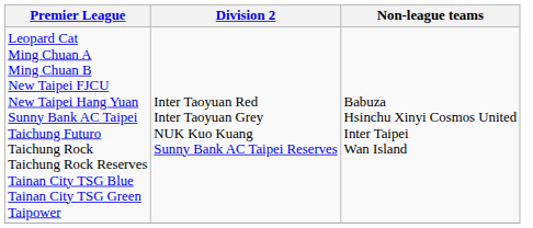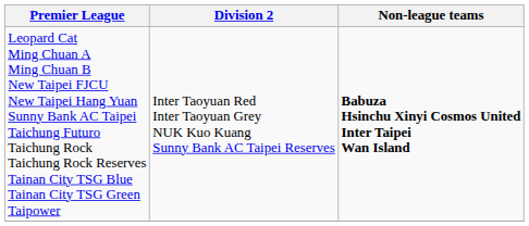 <table class="wikitable sortable">
 <tr>
 <th><a href='#'>Premier League</a></th>
 <th><a href='#'>Division 2</a></th>
 <th>Non-league teams</th>
 </tr>
 <tr>
 <td> <a href='#'>Leopard Cat</a><br> <a href='#'>Ming Chuan A</a><br> <a href='#'>Ming Chuan B</a><br> <a href='#'>New Taipei FJCU</a><br> <a href='#'>New Taipei Hang Yuan</a><br> <a href='#'>Sunny Bank AC Taipei</a><br> <a href='#'>Taichung Futuro</a><br> Taichung Rock<br> Taichung Rock Reserves<br> <a href='#'>Tainan City TSG Blue</a><br> <a href='#'>Tainan City TSG Green</a><br> <a href='#'>Taipower</a></td>
 <td> Inter Taoyuan Red<br> Inter Taoyuan Grey<br> NUK Kuo Kuang<br> <a href='#'>Sunny Bank AC Taipei Reserves</a></td>
-<td> Babuza<br> Hsinchu Xinyi Cosmos United<br> Inter Taipei<br> Wan Island</td>
+<td><strong> Babuza<br> Hsinchu Xinyi Cosmos United<br> Inter Taipei<br> Wan Island</strong></td>
 </tr>
 <tr>
 </tr>
 </table>
